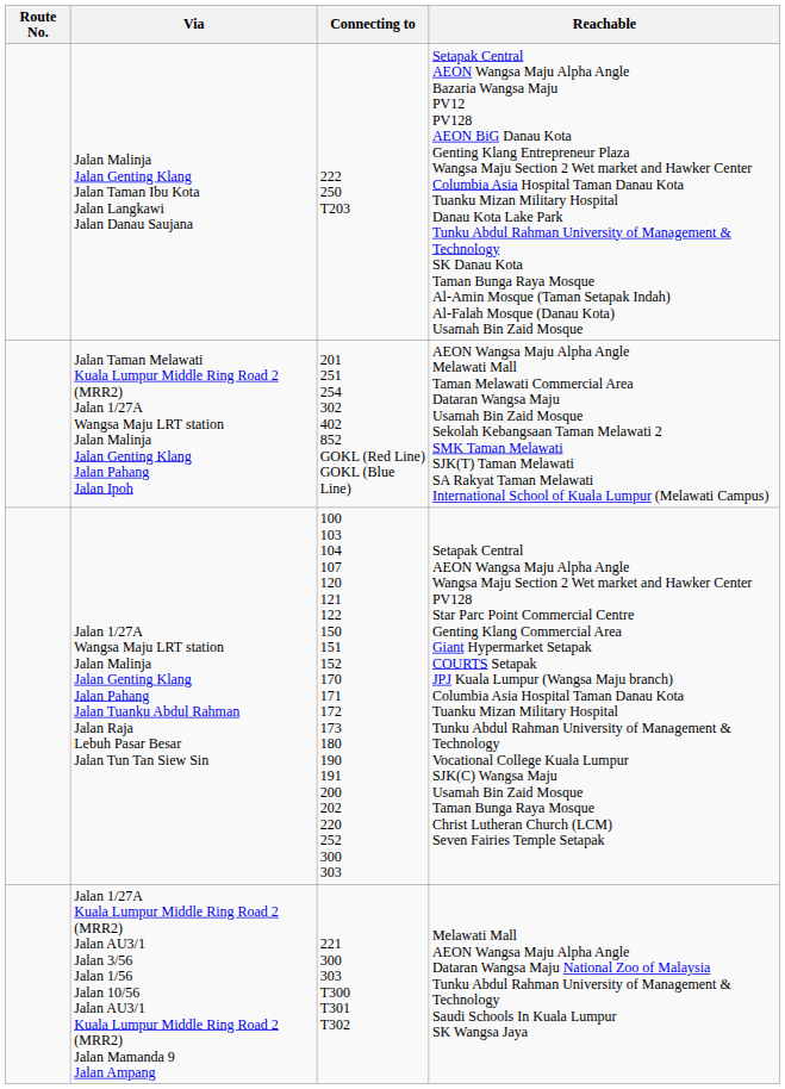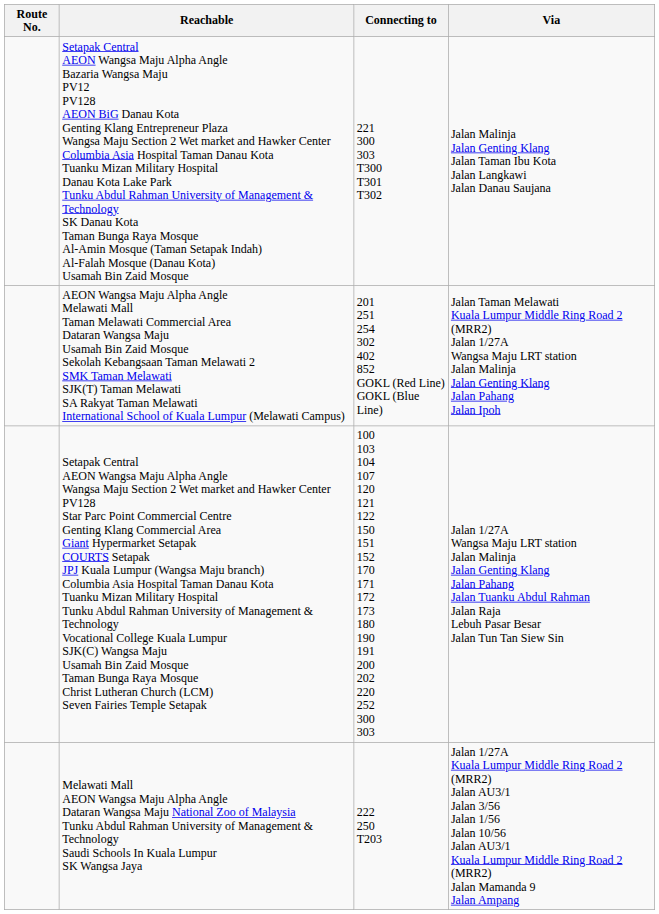 <table class="wikitable">
 <tr>
 <th>Route No.</th>
+<th>Reachable</th>
+<th>Connecting to</th>
 <th>Via</th>
-<th>Connecting to</th>
-<th>Reachable</th>
 </tr>
 <tr>
 <td></td>
+<td><a href='#'>Setapak Central</a> <br> <a href='#'>AEON</a> Wangsa Maju Alpha Angle <br> Bazaria Wangsa Maju <br> PV12 <br> PV128 <br> <a href='#'>AEON BiG</a> Danau Kota <br> Genting Klang Entrepreneur Plaza <br> Wangsa Maju Section 2 Wet market and Hawker Center <br> <a href='#'>Columbia Asia</a> Hospital Taman Danau Kota <br> Tuanku Mizan Military Hospital <br> Danau Kota Lake Park <br> <a href='#'>Tunku Abdul Rahman University of Management & Technology</a> <br> SK Danau Kota <br> Taman Bunga Raya Mosque <br> Al-Amin Mosque (Taman Setapak Indah) <br> Al-Falah Mosque (Danau Kota) <br> Usamah Bin Zaid Mosque</td>
+<td>221 <br> 300 <br> 303 <br> T300 <br> T301 <br> T302</td>
 <td>Jalan Malinja <br> <a href='#'>Jalan Genting Klang</a> <br> Jalan Taman Ibu Kota <br> Jalan Langkawi <br> Jalan Danau Saujana</td>
-<td>222 <br> 250 <br> T203</td>
-<td><a href='#'>Setapak Central</a> <br> <a href='#'>AEON</a> Wangsa Maju Alpha Angle <br> Bazaria Wangsa Maju <br> PV12 <br> PV128 <br> <a href='#'>AEON BiG</a> Danau Kota <br> Genting Klang Entrepreneur Plaza <br> Wangsa Maju Section 2 Wet market and Hawker Center <br> <a href='#'>Columbia Asia</a> Hospital Taman Danau Kota <br> Tuanku Mizan Military Hospital <br> Danau Kota Lake Park <br> <a href='#'>Tunku Abdul Rahman University of Management & Technology</a> <br> SK Danau Kota <br> Taman Bunga Raya Mosque <br> Al-Amin Mosque (Taman Setapak Indah) <br> Al-Falah Mosque (Danau Kota) <br> Usamah Bin Zaid Mosque</td>
 </tr>
 <tr>
 <td></td>
+<td>AEON Wangsa Maju Alpha Angle <br> Melawati Mall <br> Taman Melawati Commercial Area <br> Dataran Wangsa Maju <br> Usamah Bin Zaid Mosque <br> Sekolah Kebangsaan Taman Melawati 2 <br> <a href='#'>SMK Taman Melawati</a> <br> SJK(T) Taman Melawati <br> SA Rakyat Taman Melawati <br> <a href='#'>International School of Kuala Lumpur</a> (Melawati Campus)</td>
+<td>201 <br> 251 <br> 254 <br> 302 <br> 402 <br> 852 <br> GOKL (Red Line) <br> GOKL (Blue Line)</td>
 <td>Jalan Taman Melawati<br><a href='#'>Kuala Lumpur Middle Ring Road 2</a> (MRR2) <br> Jalan 1/27A <br>  Wangsa Maju LRT station <br> Jalan Malinja <br> <a href='#'>Jalan Genting Klang</a> <br> <a href='#'>Jalan Pahang</a> <br> <a href='#'>Jalan Ipoh</a></td>
-<td>201 <br> 251 <br> 254 <br> 302 <br> 402 <br> 852 <br> GOKL (Red Line) <br> GOKL (Blue Line)</td>
-<td>AEON Wangsa Maju Alpha Angle <br> Melawati Mall <br> Taman Melawati Commercial Area <br> Dataran Wangsa Maju <br> Usamah Bin Zaid Mosque <br> Sekolah Kebangsaan Taman Melawati 2 <br> <a href='#'>SMK Taman Melawati</a> <br> SJK(T) Taman Melawati <br> SA Rakyat Taman Melawati <br> <a href='#'>International School of Kuala Lumpur</a> (Melawati Campus)</td>
 </tr>
 <tr>
 <td></td>
+<td>Setapak Central <br> AEON Wangsa Maju Alpha Angle <br> Wangsa Maju Section 2 Wet market and Hawker Center <br> PV128 <br> Star Parc Point Commercial Centre <br> Genting Klang Commercial Area <br> <a href='#'>Giant</a> Hypermarket Setapak <br> <a href='#'>COURTS</a> Setapak <br><a href='#'>JPJ</a> Kuala Lumpur (Wangsa Maju branch) <br> Columbia Asia Hospital Taman Danau Kota <br> Tuanku Mizan Military Hospital <br> Tunku Abdul Rahman University of Management & Technology <br> Vocational College Kuala Lumpur <br> SJK(C) Wangsa Maju <br> Usamah Bin Zaid Mosque <br> Taman Bunga Raya Mosque <br> Christ Lutheran Church (LCM) <br> Seven Fairies Temple Setapak <br></td>
+<td>100 <br> 103 <br> 104 <br> 107 <br> 120 <br> 121 <br> 122 <br> 150 <br> 151 <br> 152 <br> 170 <br> 171 <br> 172 <br> 173 <br> 180 <br> 190 <br> 191 <br> 200 <br> 202 <br> 220 <br> 252 <br> 300 <br> 303</td>
 <td>Jalan 1/27A <br> Wangsa Maju LRT station <br> Jalan Malinja <br> <a href='#'>Jalan Genting Klang</a> <br> <a href='#'>Jalan Pahang</a> <br> <a href='#'>Jalan Tuanku Abdul Rahman</a> <br> Jalan Raja <br> Lebuh Pasar Besar <br> Jalan Tun Tan Siew Sin</td>
-<td>100 <br> 103 <br> 104 <br> 107 <br> 120 <br> 121 <br> 122 <br> 150 <br> 151 <br> 152 <br> 170 <br> 171 <br> 172 <br> 173 <br> 180 <br> 190 <br> 191 <br> 200 <br> 202 <br> 220 <br> 252 <br> 300 <br> 303</td>
-<td>Setapak Central <br> AEON Wangsa Maju Alpha Angle <br> Wangsa Maju Section 2 Wet market and Hawker Center <br> PV128 <br> Star Parc Point Commercial Centre <br> Genting Klang Commercial Area <br> <a href='#'>Giant</a> Hypermarket Setapak <br> <a href='#'>COURTS</a> Setapak <br><a href='#'>JPJ</a> Kuala Lumpur (Wangsa Maju branch) <br> Columbia Asia Hospital Taman Danau Kota <br> Tuanku Mizan Military Hospital <br> Tunku Abdul Rahman University of Management & Technology <br> Vocational College Kuala Lumpur <br> SJK(C) Wangsa Maju <br> Usamah Bin Zaid Mosque <br> Taman Bunga Raya Mosque <br> Christ Lutheran Church (LCM) <br> Seven Fairies Temple Setapak <br></td>
 </tr>
 <tr>
 <td></td>
+<td>Melawati Mall <br> AEON Wangsa Maju Alpha Angle <br> Dataran Wangsa Maju <a href='#'>National Zoo of Malaysia</a> <br> Tunku Abdul Rahman University of Management & Technology <br> Saudi Schools In Kuala Lumpur <br> SK Wangsa Jaya <br></td>
+<td>222 <br> 250 <br> T203</td>
 <td>Jalan 1/27A <br> <a href='#'>Kuala Lumpur Middle Ring Road 2</a> (MRR2) <br> Jalan AU3/1 <br> Jalan 3/56 <br> Jalan 1/56 <br> Jalan 10/56 <br> Jalan AU3/1 <br> <a href='#'>Kuala Lumpur Middle Ring Road 2</a> (MRR2) <br> Jalan Mamanda 9 <br> <a href='#'>Jalan Ampang</a></td>
-<td>221 <br> 300 <br> 303 <br> T300 <br> T301 <br> T302</td>
-<td>Melawati Mall <br> AEON Wangsa Maju Alpha Angle <br> Dataran Wangsa Maju <a href='#'>National Zoo of Malaysia</a> <br> Tunku Abdul Rahman University of Management & Technology <br> Saudi Schools In Kuala Lumpur <br> SK Wangsa Jaya <br></td>
 </tr>
 </table>
